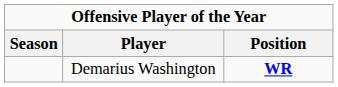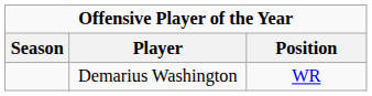 <table class="wikitable sortable" style="text-align:center">
 <tr>
 <td colspan="4"><strong>Offensive Player of the Year</strong></td>
 </tr>
 <tr>
 <th style="width:50px; ">Season</th>
 <th style="width:150px; ">Player</th>
 <th style="width:100px; ">Position</th>
 </tr>
 <tr>
 <td></td>
 <td>Demarius Washington</td>
-<td><strong><a href='#'>WR</a></strong></td>
+<td><a href='#'>WR</a></td>
 </tr>
 </table>
